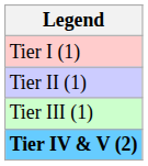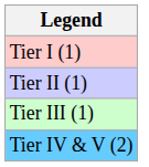 <table class="wikitable">
 <tr>
 <th>Legend</th>
 </tr>
 <tr style="background:#fcc;">
 <td>Tier I (1)</td>
 </tr>
 <tr style="background:#ccf;">
 <td>Tier II (1)</td>
 </tr>
 <tr style="background:#cfc;">
 <td>Tier III (1)</td>
 </tr>
 <tr style="background:#6cf;">
-<td><strong>Tier IV & V (2)</strong></td>
+<td>Tier IV & V (2)</td>
 </tr>
 </table>
